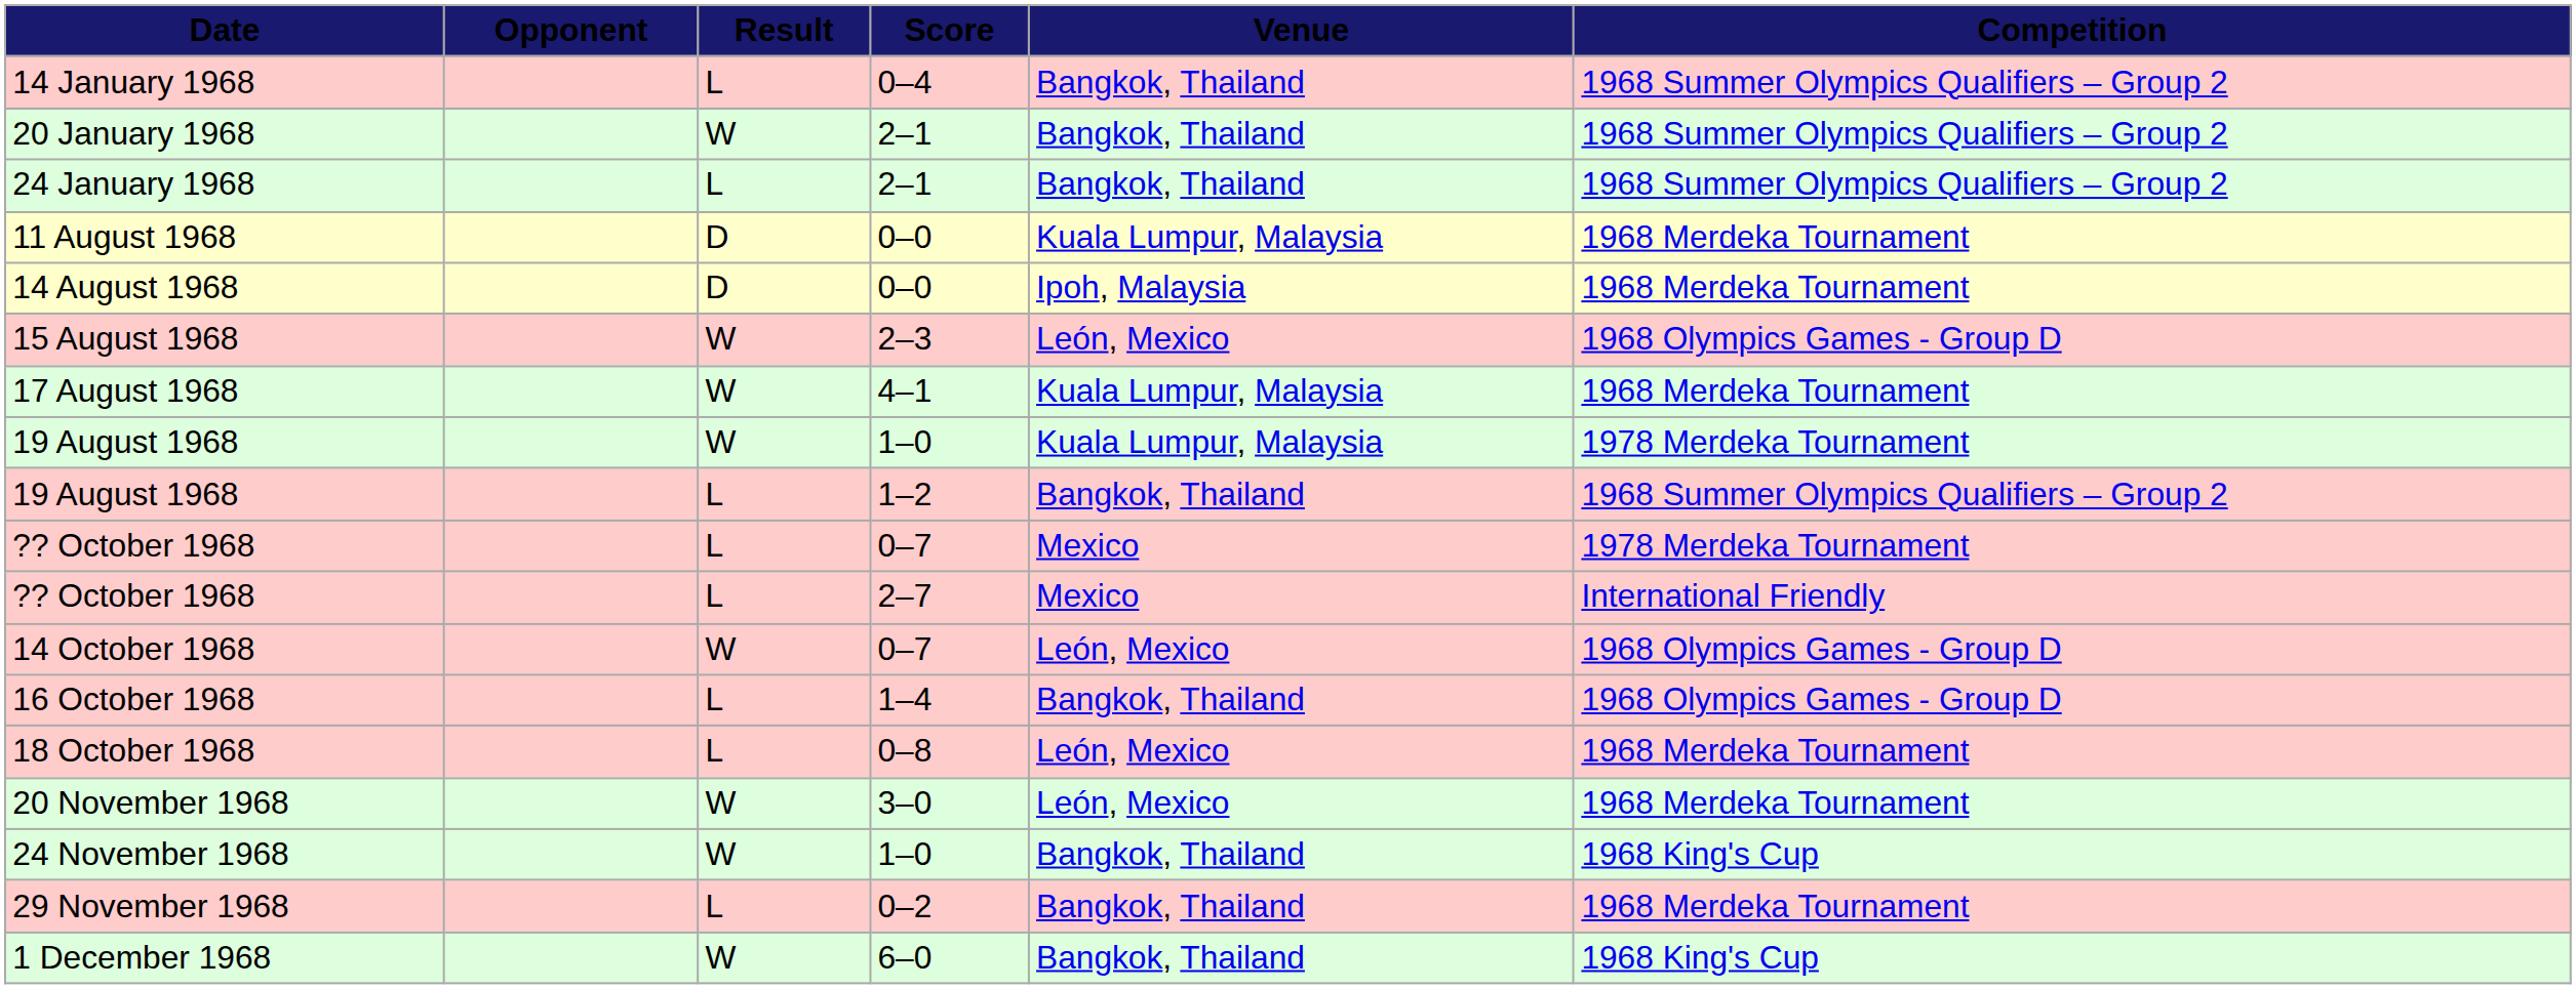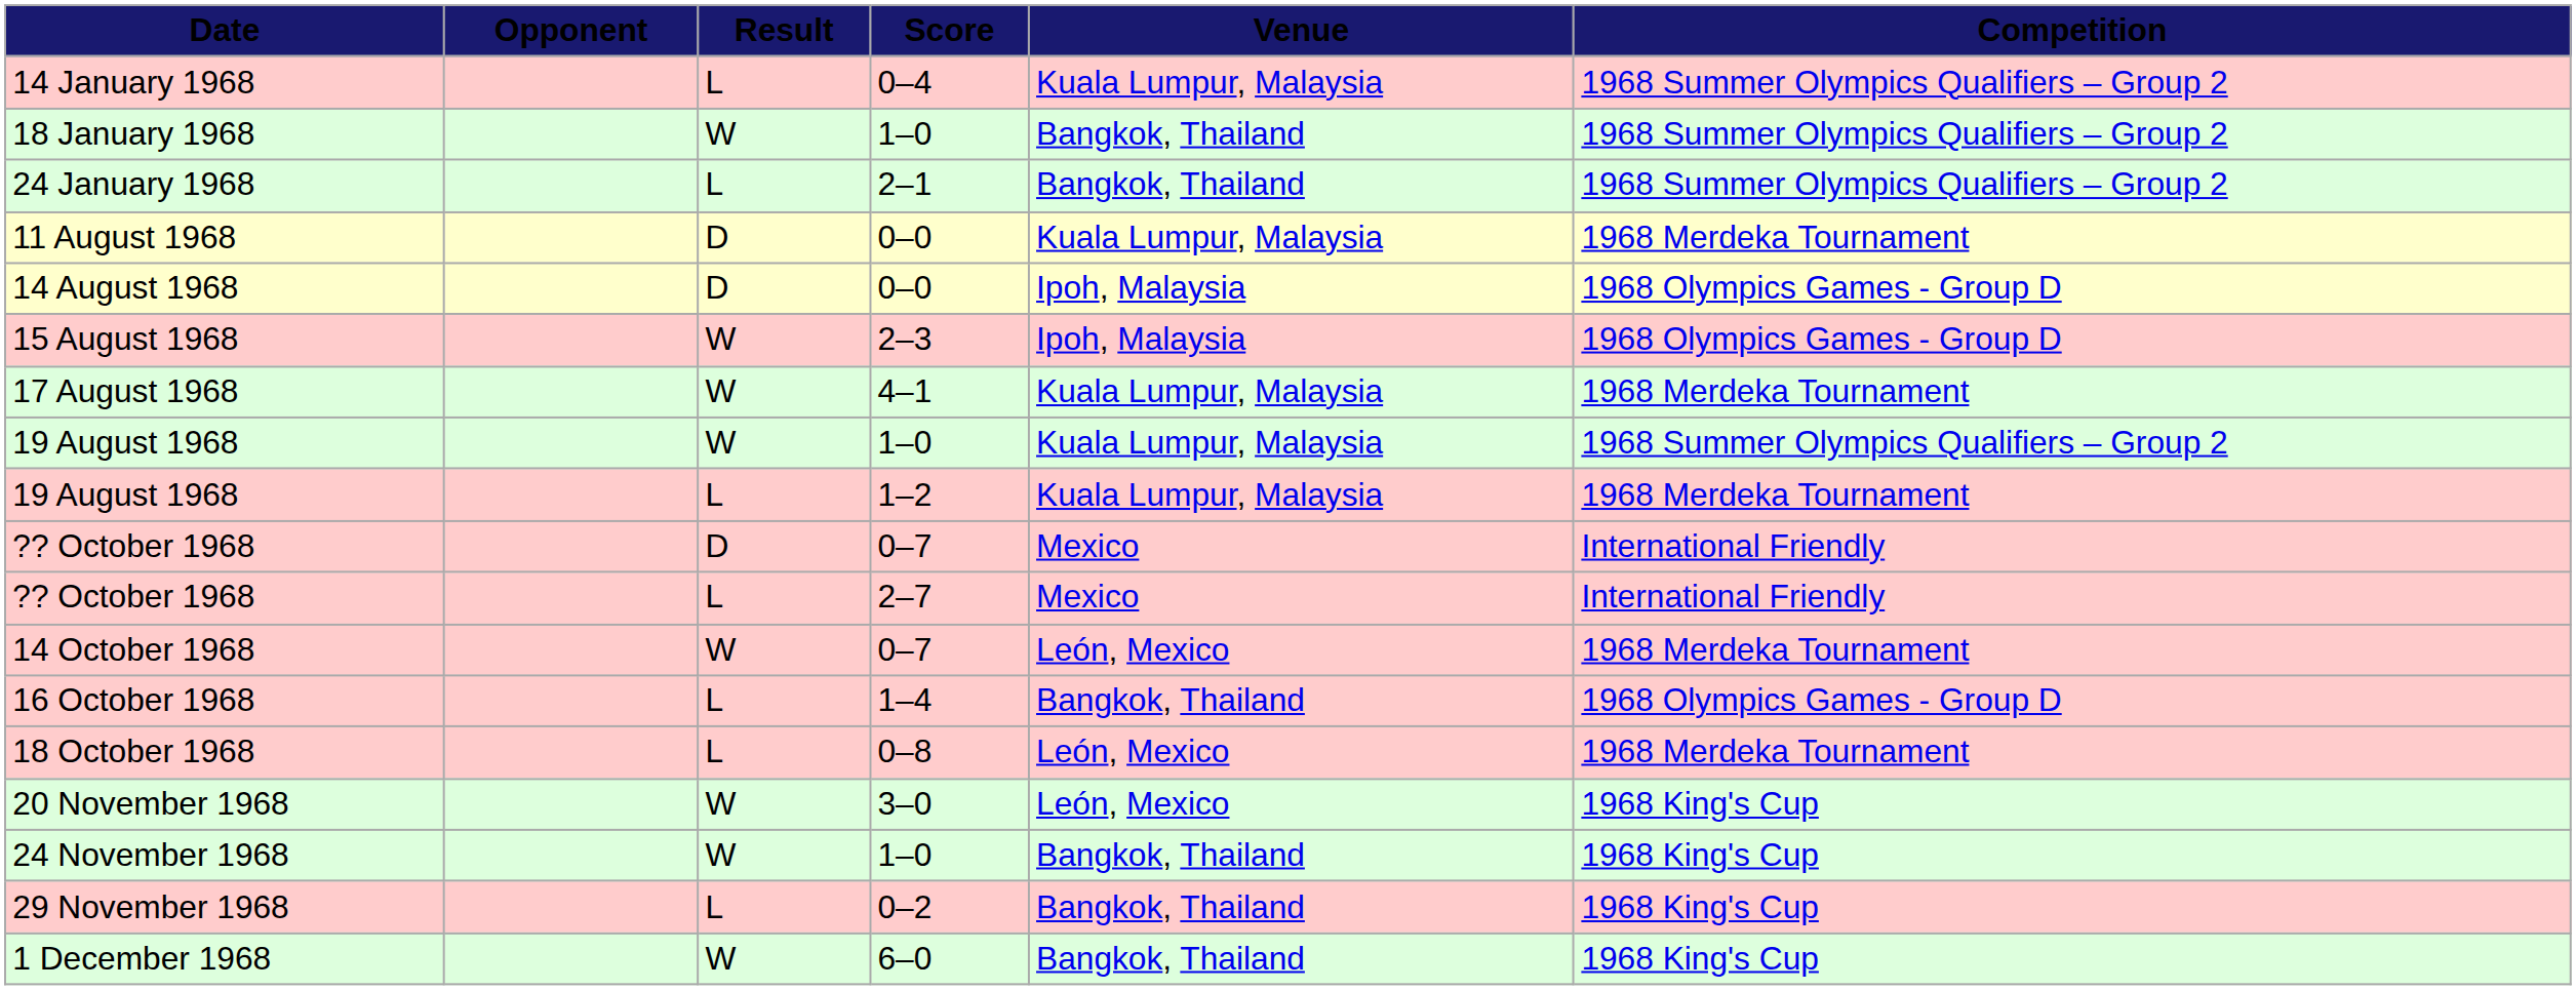 <table style="width:100%;" class="wikitable">
 <tr>
 <th style="background:#191970;"><span>Date</span></th>
 <th style="background:#191970;"><span>Opponent</span></th>
 <th style="background:#191970;"><span>Result</span></th>
 <th style="background:#191970;"><span>Score</span></th>
 <th style="background:#191970;"><span>Venue</span></th>
 <th style="background:#191970;"><span>Competition</span></th>
 </tr>
 <tr style="background:#fcc;">
 <td>14 January 1968</td>
 <td></td>
 <td>L</td>
 <td>0–4</td>
-<td> <a href='#'>Bangkok</a>, <a href='#'>Thailand</a></td>
+<td> <a href='#'>Kuala Lumpur</a>, <a href='#'>Malaysia</a></td>
 <td><a href='#'>1968 Summer Olympics Qualifiers – Group 2</a></td>
 </tr>
 <tr style="background:#dfd;">
-<td>20 January 1968</td>
+<td>18 January 1968</td>
 <td></td>
 <td>W</td>
-<td>2–1</td>
+<td>1–0</td>
 <td> <a href='#'>Bangkok</a>, <a href='#'>Thailand</a></td>
 <td><a href='#'>1968 Summer Olympics Qualifiers – Group 2</a></td>
 </tr>
 <tr style="background:#dfd;">
 <td>24 January 1968</td>
 <td></td>
 <td>L</td>
 <td>2–1</td>
 <td> <a href='#'>Bangkok</a>, <a href='#'>Thailand</a></td>
 <td><a href='#'>1968 Summer Olympics Qualifiers – Group 2</a></td>
 </tr>
 <tr style="background:#ffc;">
 <td>11 August 1968</td>
 <td></td>
 <td>D</td>
 <td>0–0</td>
 <td> <a href='#'>Kuala Lumpur</a>, <a href='#'>Malaysia</a></td>
 <td><a href='#'>1968 Merdeka Tournament</a></td>
 </tr>
 <tr style="background:#ffc;">
 <td>14 August 1968</td>
 <td></td>
 <td>D</td>
 <td>0–0</td>
 <td> <a href='#'>Ipoh</a>, <a href='#'>Malaysia</a></td>
-<td><a href='#'>1968 Merdeka Tournament</a></td>
+<td><a href='#'>1968 Olympics Games - Group D</a></td>
 </tr>
 <tr style="background:#fcc;">
 <td>15 August 1968</td>
 <td></td>
 <td>W</td>
 <td>2–3</td>
-<td> <a href='#'>León</a>, <a href='#'>Mexico</a></td>
+<td> <a href='#'>Ipoh</a>, <a href='#'>Malaysia</a></td>
 <td><a href='#'>1968 Olympics Games - Group D</a></td>
 </tr>
 <tr style="background:#dfd;">
 <td>17 August 1968</td>
 <td></td>
 <td>W</td>
 <td>4–1</td>
 <td> <a href='#'>Kuala Lumpur</a>, <a href='#'>Malaysia</a></td>
 <td><a href='#'>1968 Merdeka Tournament</a></td>
 </tr>
 <tr style="background:#dfd;">
 <td>19 August 1968</td>
 <td></td>
 <td>W</td>
 <td>1–0</td>
 <td> <a href='#'>Kuala Lumpur</a>, <a href='#'>Malaysia</a></td>
-<td><a href='#'>1978 Merdeka Tournament</a></td>
+<td><a href='#'>1968 Summer Olympics Qualifiers – Group 2</a></td>
 </tr>
 <tr style="background:#fcc;">
 <td>19 August 1968</td>
 <td></td>
 <td>L</td>
 <td>1–2</td>
-<td> <a href='#'>Bangkok</a>, <a href='#'>Thailand</a></td>
-<td><a href='#'>1968 Summer Olympics Qualifiers – Group 2</a></td>
+<td> <a href='#'>Kuala Lumpur</a>, <a href='#'>Malaysia</a></td>
+<td><a href='#'>1968 Merdeka Tournament</a></td>
 </tr>
 <tr style="background:#fcc;">
 <td>?? October 1968</td>
 <td></td>
-<td>L</td>
+<td>D</td>
 <td>0–7</td>
 <td> <a href='#'>Mexico</a></td>
-<td><a href='#'>1978 Merdeka Tournament</a></td>
+<td><a href='#'>International Friendly</a></td>
 </tr>
 <tr style="background:#fcc;">
 <td>?? October 1968</td>
 <td></td>
 <td>L</td>
 <td>2–7</td>
 <td> <a href='#'>Mexico</a></td>
 <td><a href='#'>International Friendly</a></td>
 </tr>
 <tr style="background:#fcc;">
 <td>14 October 1968</td>
 <td></td>
 <td>W</td>
 <td>0–7</td>
 <td> <a href='#'>León</a>, <a href='#'>Mexico</a></td>
-<td><a href='#'>1968 Olympics Games - Group D</a></td>
+<td><a href='#'>1968 Merdeka Tournament</a></td>
 </tr>
 <tr style="background:#fcc;">
 <td>16 October 1968</td>
 <td></td>
 <td>L</td>
 <td>1–4</td>
 <td> <a href='#'>Bangkok</a>, <a href='#'>Thailand</a></td>
 <td><a href='#'>1968 Olympics Games - Group D</a></td>
 </tr>
 <tr style="background:#fcc;">
 <td>18 October 1968</td>
 <td></td>
 <td>L</td>
 <td>0–8</td>
 <td> <a href='#'>León</a>, <a href='#'>Mexico</a></td>
 <td><a href='#'>1968 Merdeka Tournament</a></td>
 </tr>
 <tr style="background:#dfd;">
 <td>20 November 1968</td>
 <td></td>
 <td>W</td>
 <td>3–0</td>
 <td> <a href='#'>León</a>, <a href='#'>Mexico</a></td>
-<td><a href='#'>1968 Merdeka Tournament</a></td>
+<td><a href='#'>1968 King's Cup</a></td>
 </tr>
 <tr style="background:#dfd;">
 <td>24 November 1968</td>
 <td></td>
 <td>W</td>
 <td>1–0</td>
 <td> <a href='#'>Bangkok</a>, <a href='#'>Thailand</a></td>
 <td><a href='#'>1968 King's Cup</a></td>
 </tr>
 <tr style="background:#fcc;">
 <td>29 November 1968</td>
 <td></td>
 <td>L</td>
 <td>0–2</td>
 <td> <a href='#'>Bangkok</a>, <a href='#'>Thailand</a></td>
-<td><a href='#'>1968 Merdeka Tournament</a></td>
+<td><a href='#'>1968 King's Cup</a></td>
 </tr>
 <tr style="background:#dfd;">
 <td>1 December 1968</td>
 <td></td>
 <td>W</td>
 <td>6–0</td>
 <td> <a href='#'>Bangkok</a>, <a href='#'>Thailand</a></td>
 <td><a href='#'>1968 King's Cup</a></td>
 </tr>
 </table>
